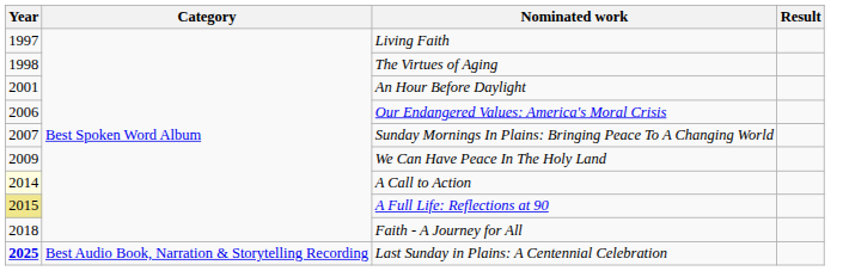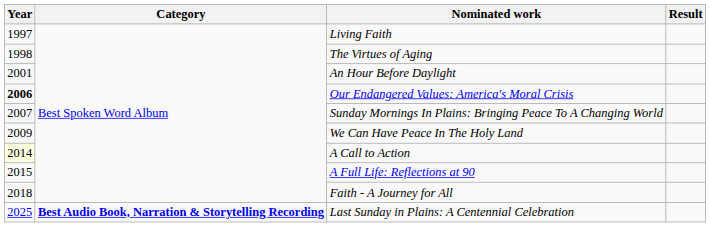 <table class="wikitable sortable">
 <tr>
 <th>Year</th>
 <th>Category</th>
 <th>Nominated work</th>
 <th>Result</th>
 </tr>
 <tr>
 <td>1997</td>
 <td rowspan="9"><a href='#'>Best Spoken Word Album</a></td>
 <td><em>Living Faith</em></td>
 <td></td>
 </tr>
 <tr>
 <td>1998</td>
 <td><em>The Virtues of Aging</em></td>
 <td></td>
 </tr>
 <tr>
 <td>2001</td>
 <td><em>An Hour Before Daylight</em></td>
 <td></td>
 </tr>
 <tr>
-<td>2006</td>
+<td><strong>2006</strong></td>
 <td><em><a href='#'>Our Endangered Values: America's Moral Crisis</a></em></td>
 <td></td>
 </tr>
 <tr>
 <td>2007</td>
 <td><em>Sunday Mornings In Plains: Bringing Peace To A Changing World</em></td>
 <td></td>
 </tr>
 <tr>
 <td>2009</td>
 <td><em>We Can Have Peace In The Holy Land</em></td>
 <td></td>
 </tr>
 <tr>
 <td style="background: lightyellow;">2014</td>
 <td><em>A Call to Action</em></td>
 <td></td>
 </tr>
 <tr>
-<td style="background: khaki;">2015</td>
+<td>2015</td>
 <td><em><a href='#'>A Full Life: Reflections at 90</a></em></td>
 <td></td>
 </tr>
 <tr>
 <td>2018</td>
 <td><em>Faith - A Journey for All</em></td>
 <td></td>
 </tr>
 <tr>
-<td><strong><a href='#'>2025</a></strong></td>
-<td><a href='#'>Best Audio Book, Narration & Storytelling Recording</a></td>
+<td><a href='#'>2025</a></td>
+<td><strong><a href='#'>Best Audio Book, Narration & Storytelling Recording</a></strong></td>
 <td><em>Last Sunday in Plains: A Centennial Celebration</em></td>
 <td></td>
 </tr>
 </table>
